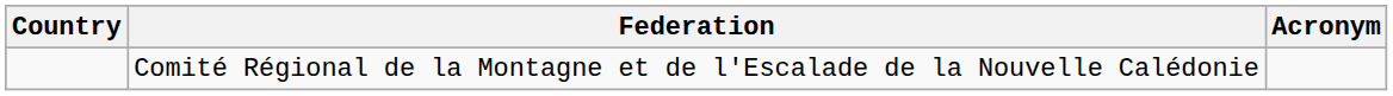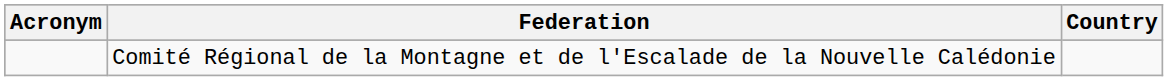 <table class="wikitable">
 <tr>
+<th>Acronym</th>
+<th>Federation</th>
 <th>Country</th>
-<th>Federation</th>
-<th>Acronym</th>
 </tr>
 <tr>
 <td></td>
 <td>Comité Régional de la Montagne et de l'Escalade de la Nouvelle Calédonie</td>
 <td></td>
 </tr>
 </table>
